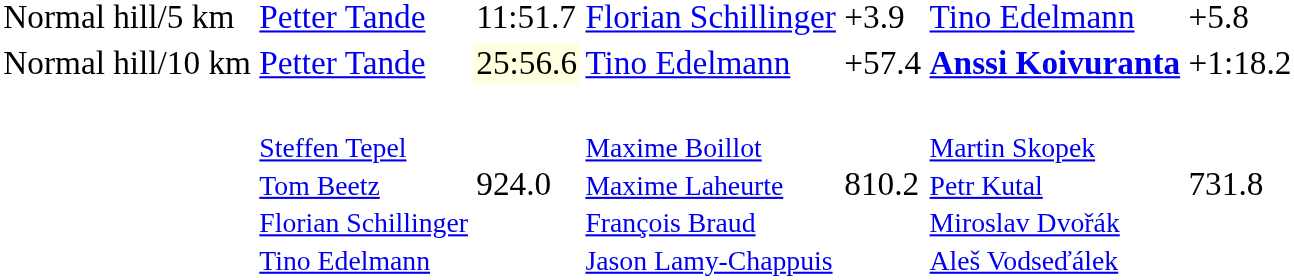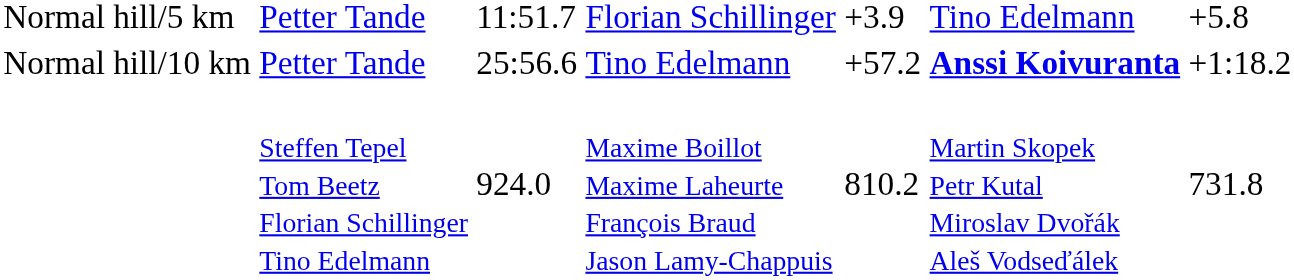 <table>
 <tr>
 <td>Normal hill/5 km</td>
 <td><a href='#'>Petter Tande</a><br></td>
 <td>11:51.7</td>
 <td><a href='#'>Florian Schillinger</a><br></td>
 <td>+3.9</td>
 <td><a href='#'>Tino Edelmann</a><br></td>
 <td>+5.8</td>
 </tr>
 <tr>
 <td>Normal hill/10 km</td>
 <td><a href='#'>Petter Tande</a><br></td>
-<td style="background: lightyellow;">25:56.6</td>
+<td>25:56.6</td>
 <td><a href='#'>Tino Edelmann</a><br></td>
-<td>+57.4</td>
+<td>+57.2</td>
 <td><strong><a href='#'>Anssi Koivuranta</a><br></strong></td>
 <td>+1:18.2</td>
 </tr>
 <tr>
 <td></td>
 <td><br><small><a href='#'>Steffen Tepel</a><br><a href='#'>Tom Beetz</a><br><a href='#'>Florian Schillinger</a><br><a href='#'>Tino Edelmann</a></small></td>
 <td>924.0</td>
 <td><br><small><a href='#'>Maxime Boillot</a><br><a href='#'>Maxime Laheurte</a><br><a href='#'>François Braud</a><br><a href='#'>Jason Lamy-Chappuis</a></small></td>
 <td>810.2</td>
 <td><br><small><a href='#'>Martin Skopek</a><br><a href='#'>Petr Kutal</a><br><a href='#'>Miroslav Dvořák</a><br><a href='#'>Aleš Vodseďálek</a></small></td>
 <td>731.8</td>
 </tr>
 <tr>
 </tr>
 </table>
